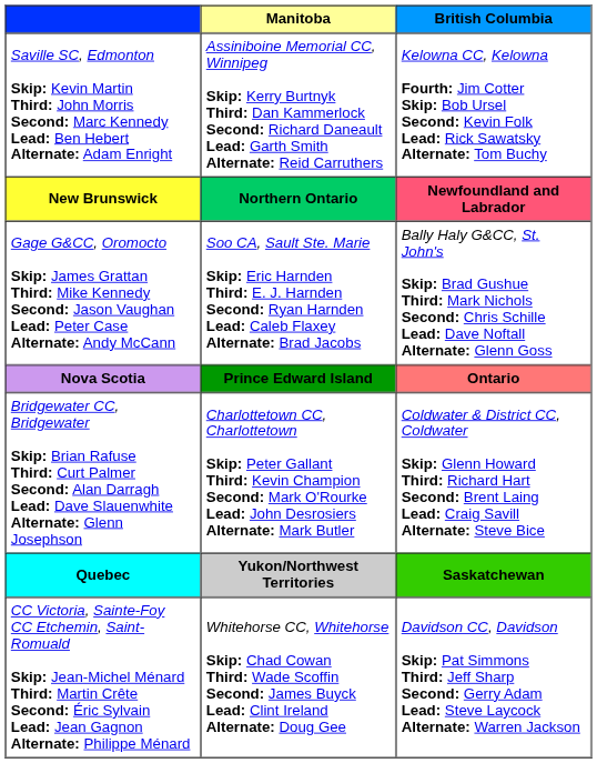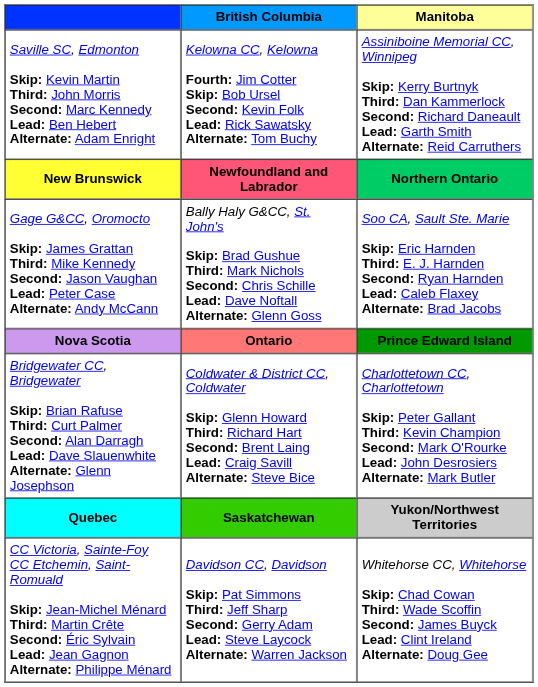 <table border=1 cellpadding=5 cellspacing=0>
 <tr>
 <th bgcolor="#0033ff" width="200"></th>
+<th bgcolor="#0099ff" width="200">British Columbia</th>
 <th bgcolor="#ffff99" width="200">Manitoba</th>
-<th bgcolor="#0099ff" width="200">British Columbia</th>
 </tr>
 <tr align=center>
 <td align=left><em><a href='#'>Saville SC</a>, <a href='#'>Edmonton</a><br></em><br><strong>Skip:</strong> <a href='#'>Kevin Martin</a> <br> <strong>Third:</strong> <a href='#'>John Morris</a> <br> <strong>Second:</strong> <a href='#'>Marc Kennedy</a> <br> <strong>Lead:</strong> <a href='#'>Ben Hebert</a> <br> <strong>Alternate:</strong> <a href='#'>Adam Enright</a></td>
+<td align=left><em><a href='#'>Kelowna CC</a>, <a href='#'>Kelowna</a></em> <br><br><strong>Fourth:</strong> <a href='#'>Jim Cotter</a> <br> <strong>Skip:</strong> <a href='#'>Bob Ursel</a> <br> <strong>Second:</strong> <a href='#'>Kevin Folk</a> <br> <strong>Lead:</strong> <a href='#'>Rick Sawatsky</a>  <br> <strong>Alternate:</strong> <a href='#'>Tom Buchy</a></td>
 <td align=left><em><a href='#'>Assiniboine Memorial CC</a>, <a href='#'>Winnipeg</a> <br></em><br><strong>Skip:</strong> <a href='#'>Kerry Burtnyk</a><br> <strong>Third:</strong> <a href='#'>Dan Kammerlock</a><br> <strong>Second:</strong> <a href='#'>Richard Daneault</a><br> <strong>Lead:</strong> <a href='#'>Garth Smith</a><br> <strong>Alternate:</strong> <a href='#'>Reid Carruthers</a><br></td>
-<td align=left><em><a href='#'>Kelowna CC</a>, <a href='#'>Kelowna</a></em> <br><br><strong>Fourth:</strong> <a href='#'>Jim Cotter</a> <br> <strong>Skip:</strong> <a href='#'>Bob Ursel</a> <br> <strong>Second:</strong> <a href='#'>Kevin Folk</a> <br> <strong>Lead:</strong> <a href='#'>Rick Sawatsky</a>  <br> <strong>Alternate:</strong> <a href='#'>Tom Buchy</a></td>
 </tr>
 <tr border=1 cellpadding=5 cellspacing=0>
 <th bgcolor="#ffff33" width="200">New Brunswick</th>
+<th bgcolor="#ff5577" width="200">Newfoundland and Labrador</th>
 <th bgcolor="#00CC66" width="200">Northern Ontario</th>
-<th bgcolor="#ff5577" width="200">Newfoundland and Labrador</th>
 </tr>
 <tr align=center>
 <td align=left><em><a href='#'>Gage G&CC</a>, <a href='#'>Oromocto</a> <br></em><br><strong>Skip:</strong> <a href='#'>James Grattan</a> <br> <strong>Third:</strong> <a href='#'>Mike Kennedy</a> <br> <strong>Second:</strong> <a href='#'>Jason Vaughan</a> <br> <strong>Lead:</strong> <a href='#'>Peter Case</a> <br> <strong>Alternate:</strong> <a href='#'>Andy McCann</a></td>
+<td align=left><em>Bally Haly G&CC, <a href='#'>St. John's</a></em> <br><br><strong>Skip:</strong> <a href='#'>Brad Gushue</a> <br> <strong>Third:</strong> <a href='#'>Mark Nichols</a> <br> <strong>Second:</strong> <a href='#'>Chris Schille</a> <br> <strong>Lead:</strong> <a href='#'>Dave Noftall</a> <br> <strong>Alternate:</strong> <a href='#'>Glenn Goss</a></td>
 <td align=left><em><a href='#'>Soo CA</a>, <a href='#'>Sault Ste. Marie</a></em> <br><br><strong>Skip:</strong> <a href='#'>Eric Harnden</a> <br> <strong>Third:</strong> <a href='#'>E. J. Harnden</a> <br> <strong>Second:</strong> <a href='#'>Ryan Harnden</a> <br> <strong>Lead:</strong> <a href='#'>Caleb Flaxey</a> <br> <strong>Alternate:</strong> <a href='#'>Brad Jacobs</a></td>
-<td align=left><em>Bally Haly G&CC, <a href='#'>St. John's</a></em> <br><br><strong>Skip:</strong> <a href='#'>Brad Gushue</a> <br> <strong>Third:</strong> <a href='#'>Mark Nichols</a> <br> <strong>Second:</strong> <a href='#'>Chris Schille</a> <br> <strong>Lead:</strong> <a href='#'>Dave Noftall</a> <br> <strong>Alternate:</strong> <a href='#'>Glenn Goss</a></td>
 </tr>
 <tr border=1 cellpadding=5 cellspacing=0>
 <th bgcolor="#cc99ee" width="200">Nova Scotia</th>
+<th bgcolor="#ff7777" width="200">Ontario</th>
 <th bgcolor="#009900" width="200">Prince Edward Island</th>
-<th bgcolor="#ff7777" width="200">Ontario</th>
 </tr>
 <tr align=center>
 <td align=left><em><a href='#'>Bridgewater CC</a>, <a href='#'>Bridgewater</a></em> <br><br><strong>Skip:</strong> <a href='#'>Brian Rafuse</a> <br> <strong>Third:</strong> <a href='#'>Curt Palmer</a> <br> <strong>Second:</strong> <a href='#'>Alan Darragh</a> <br> <strong>Lead:</strong> <a href='#'>Dave Slauenwhite</a> <br> <strong>Alternate:</strong> <a href='#'>Glenn Josephson</a></td>
+<td align=left><em><a href='#'>Coldwater & District CC</a>, <a href='#'>Coldwater</a></em> <br><br><strong>Skip:</strong> <a href='#'>Glenn Howard</a> <br> <strong>Third:</strong> <a href='#'>Richard Hart</a> <br> <strong>Second:</strong> <a href='#'>Brent Laing</a> <br> <strong>Lead:</strong> <a href='#'>Craig Savill</a> <br> <strong>Alternate:</strong> <a href='#'>Steve Bice</a></td>
 <td align=left><em><a href='#'>Charlottetown CC</a>, <a href='#'>Charlottetown</a></em> <br><br><strong>Skip:</strong> <a href='#'>Peter Gallant</a> <br> <strong>Third:</strong> <a href='#'>Kevin Champion</a> <br> <strong>Second:</strong> <a href='#'>Mark O'Rourke</a> <br> <strong>Lead:</strong> <a href='#'>John Desrosiers</a> <br> <strong>Alternate:</strong> <a href='#'>Mark Butler</a></td>
-<td align=left><em><a href='#'>Coldwater & District CC</a>, <a href='#'>Coldwater</a></em> <br><br><strong>Skip:</strong> <a href='#'>Glenn Howard</a> <br> <strong>Third:</strong> <a href='#'>Richard Hart</a> <br> <strong>Second:</strong> <a href='#'>Brent Laing</a> <br> <strong>Lead:</strong> <a href='#'>Craig Savill</a> <br> <strong>Alternate:</strong> <a href='#'>Steve Bice</a></td>
 </tr>
 <tr border=1 cellpadding=5 cellspacing=0>
 <th bgcolor="#00ffff" width="200">Quebec</th>
+<th bgcolor="#33cc00" width="200">Saskatchewan</th>
 <th bgcolor="#cccccc" width="200">Yukon/Northwest Territories</th>
-<th bgcolor="#33cc00" width="200">Saskatchewan</th>
 </tr>
 <tr align=center>
 <td align=left><em><a href='#'>CC Victoria</a>, <a href='#'>Sainte-Foy</a> <br> <a href='#'>CC Etchemin</a>, <a href='#'>Saint-Romuald</a></em> <br><br><strong>Skip:</strong>  <a href='#'>Jean-Michel Ménard</a> <br> <strong>Third:</strong>  <a href='#'>Martin Crête</a> <br> <strong>Second:</strong> <a href='#'>Éric Sylvain</a> <br> <strong>Lead:</strong>  <a href='#'>Jean Gagnon</a> <br> <strong>Alternate:</strong> <a href='#'>Philippe Ménard</a></td>
+<td align=left><em><a href='#'>Davidson CC</a>, <a href='#'>Davidson</a></em> <br><br><strong>Skip:</strong> <a href='#'>Pat Simmons</a> <br> <strong>Third:</strong> <a href='#'>Jeff Sharp</a> <br> <strong>Second:</strong> <a href='#'>Gerry Adam</a> <br> <strong>Lead:</strong> <a href='#'>Steve Laycock</a> <br> <strong>Alternate:</strong> <a href='#'>Warren Jackson</a></td>
 <td align=left><em>Whitehorse CC, <a href='#'>Whitehorse</a></em> <br><br><strong>Skip:</strong> <a href='#'>Chad Cowan</a> <br> <strong>Third:</strong> <a href='#'>Wade Scoffin</a> <br> <strong>Second:</strong> <a href='#'>James Buyck</a> <br> <strong>Lead:</strong> <a href='#'>Clint Ireland</a> <br> <strong>Alternate:</strong> <a href='#'>Doug Gee</a></td>
-<td align=left><em><a href='#'>Davidson CC</a>, <a href='#'>Davidson</a></em> <br><br><strong>Skip:</strong> <a href='#'>Pat Simmons</a> <br> <strong>Third:</strong> <a href='#'>Jeff Sharp</a> <br> <strong>Second:</strong> <a href='#'>Gerry Adam</a> <br> <strong>Lead:</strong> <a href='#'>Steve Laycock</a> <br> <strong>Alternate:</strong> <a href='#'>Warren Jackson</a></td>
 </tr>
 </table>
